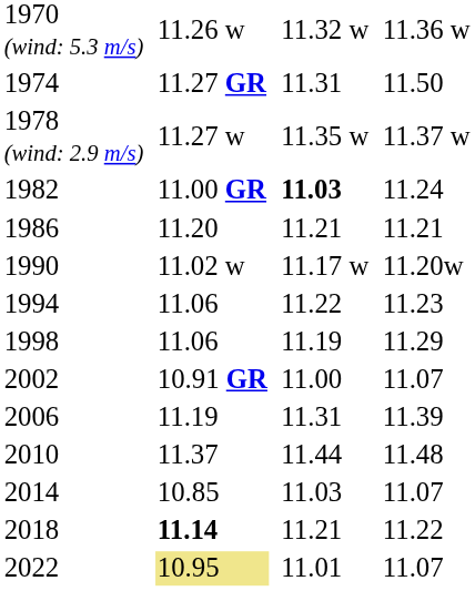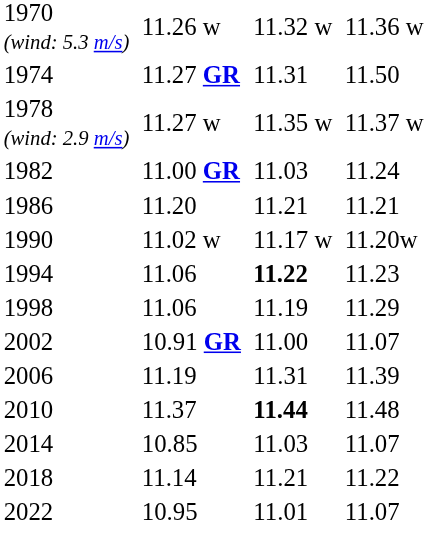 <table>
 <tr>
 <td>1970<br><small><em>(wind: 5.3 <a href='#'>m/s</a>)</em></small></td>
 <td></td>
 <td>11.26 w</td>
 <td></td>
 <td>11.32 w</td>
 <td></td>
 <td>11.36 w</td>
 </tr>
 <tr>
 <td>1974</td>
 <td></td>
 <td>11.27 <strong><a href='#'>GR</a></strong></td>
 <td></td>
 <td>11.31</td>
 <td></td>
 <td>11.50</td>
 </tr>
 <tr>
 <td>1978<br><small><em>(wind: 2.9 <a href='#'>m/s</a>)</em></small></td>
 <td></td>
 <td>11.27 w</td>
 <td></td>
 <td>11.35 w</td>
 <td></td>
 <td>11.37 w</td>
 </tr>
 <tr>
 <td>1982</td>
 <td></td>
 <td>11.00 <strong><a href='#'>GR</a></strong></td>
 <td></td>
-<td><strong>11.03</strong></td>
+<td>11.03</td>
 <td></td>
 <td>11.24</td>
 </tr>
 <tr>
 <td>1986</td>
 <td></td>
 <td>11.20</td>
 <td></td>
 <td>11.21</td>
 <td></td>
 <td>11.21</td>
 </tr>
 <tr>
 <td>1990</td>
 <td></td>
 <td>11.02 w</td>
 <td></td>
 <td>11.17 w</td>
 <td></td>
 <td>11.20w</td>
 </tr>
 <tr>
 <td>1994</td>
 <td></td>
 <td>11.06</td>
 <td></td>
-<td>11.22</td>
+<td><strong>11.22</strong></td>
 <td></td>
 <td>11.23</td>
 </tr>
 <tr>
 <td>1998</td>
 <td></td>
 <td>11.06</td>
 <td></td>
 <td>11.19</td>
 <td></td>
 <td>11.29</td>
 </tr>
 <tr>
 <td>2002<br></td>
 <td></td>
 <td>10.91 <strong><a href='#'>GR</a></strong></td>
 <td></td>
 <td>11.00</td>
 <td></td>
 <td>11.07</td>
 </tr>
 <tr>
 <td>2006<br></td>
 <td></td>
 <td>11.19</td>
 <td></td>
 <td>11.31</td>
 <td></td>
 <td>11.39</td>
 </tr>
 <tr>
 <td>2010<br></td>
 <td></td>
 <td>11.37</td>
 <td></td>
-<td>11.44</td>
+<td><strong>11.44</strong></td>
 <td></td>
 <td>11.48</td>
 </tr>
 <tr>
 <td>2014<br></td>
 <td></td>
 <td>10.85 </td>
 <td></td>
 <td>11.03</td>
 <td></td>
 <td>11.07</td>
 </tr>
 <tr>
 <td>2018<br></td>
 <td></td>
-<td><strong>11.14</strong></td>
+<td>11.14</td>
 <td></td>
 <td>11.21</td>
 <td></td>
 <td>11.22</td>
 </tr>
 <tr>
 <td>2022<br></td>
 <td></td>
-<td style="background: khaki;">10.95</td>
+<td>10.95</td>
 <td></td>
 <td>11.01</td>
 <td></td>
 <td>11.07</td>
 </tr>
 </table>
